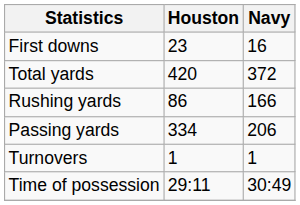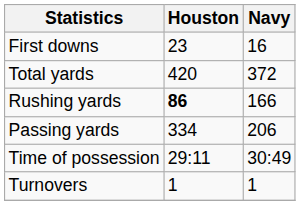 <table class="wikitable">
 <tr>
 <th>Statistics</th>
 <th>Houston</th>
 <th>Navy</th>
 </tr>
 <tr>
 <td>First downs</td>
 <td>23</td>
 <td>16</td>
 </tr>
 <tr>
 <td>Total yards</td>
 <td>420</td>
 <td>372</td>
 </tr>
 <tr>
 <td>Rushing yards</td>
-<td>86</td>
+<td><strong>86</strong></td>
 <td>166</td>
 </tr>
 <tr>
 <td>Passing yards</td>
 <td>334</td>
 <td>206</td>
 </tr>
 <tr>
+<td>Time of possession</td>
+<td>29:11</td>
+<td>30:49</td>
+</tr>
+<tr>
 <td>Turnovers</td>
 <td>1</td>
 <td>1</td>
 </tr>
 <tr>
-<td>Time of possession</td>
-<td>29:11</td>
-<td>30:49</td>
-</tr>
-<tr>
 </tr>
 </table>
